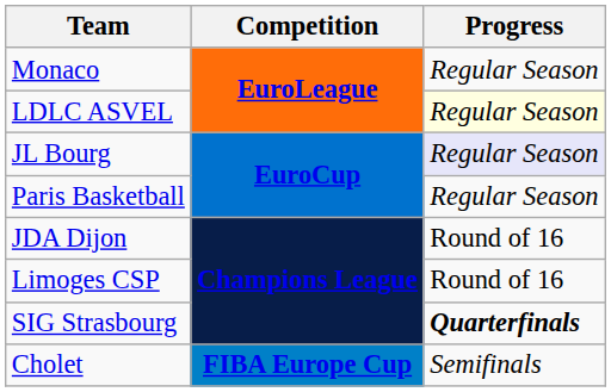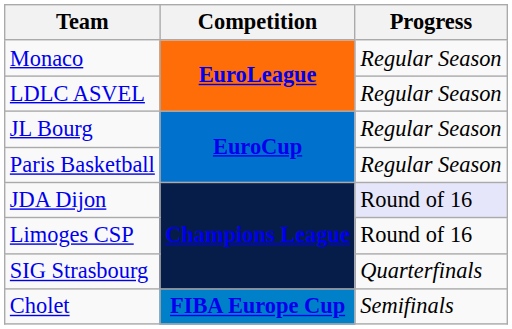 <table class="wikitable sortable">
 <tr>
 <th>Team</th>
 <th>Competition</th>
 <th>Progress</th>
 </tr>
 <tr>
 <td><a href='#'>Monaco</a></td>
 <td rowspan="2" style="background:#ff6d09;color:#ffffff;text-align:center"><strong><a href='#'><span>EuroLeague</span></a></strong></td>
 <td><em>Regular Season</em></td>
 </tr>
 <tr>
 <td><a href='#'>LDLC ASVEL</a></td>
-<td style="background: lightyellow;"><em>Regular Season</em></td>
+<td><em>Regular Season</em></td>
 </tr>
 <tr>
 <td><a href='#'>JL Bourg</a></td>
 <td rowspan="2" style="background-color:#0072CE;color:white;text-align:center"><strong><a href='#'><span>EuroCup</span></a></strong></td>
-<td style="background: lavender;"><em>Regular Season</em></td>
+<td><em>Regular Season</em></td>
 </tr>
 <tr>
 <td><a href='#'>Paris Basketball</a></td>
 <td><em>Regular Season</em></td>
 </tr>
 <tr>
 <td><a href='#'>JDA Dijon</a></td>
 <td rowspan="3" style="background-color:#071D49;color:#D0D3D4;text-align:center"><strong><a href='#'><span>Champions League</span></a></strong></td>
-<td>Round of 16</td>
+<td style="background: lavender;">Round of 16</td>
 </tr>
 <tr>
 <td><a href='#'>Limoges CSP</a></td>
 <td>Round of 16</td>
 </tr>
 <tr>
 <td><a href='#'>SIG Strasbourg</a></td>
-<td><strong><em>Quarterfinals</em></strong></td>
+<td><em>Quarterfinals</em></td>
 </tr>
 <tr>
 <td><a href='#'>Cholet</a></td>
 <td rowspan="3" style="background-color:#0080C8;color:#D0D3D4;text-align:center"><strong><a href='#'><span>FIBA Europe Cup</span></a></strong></td>
 <td><em>Semifinals</em></td>
 </tr>
 </table>
